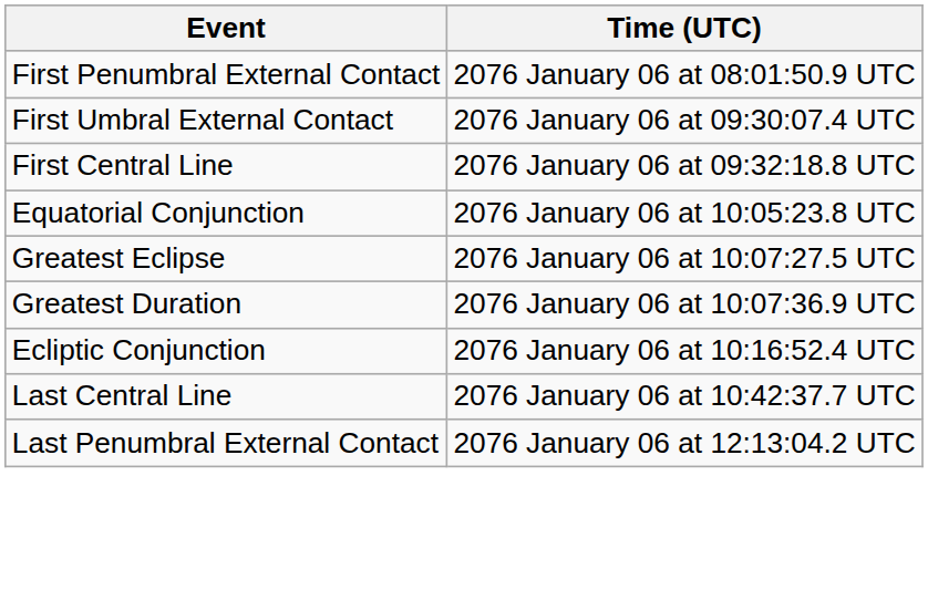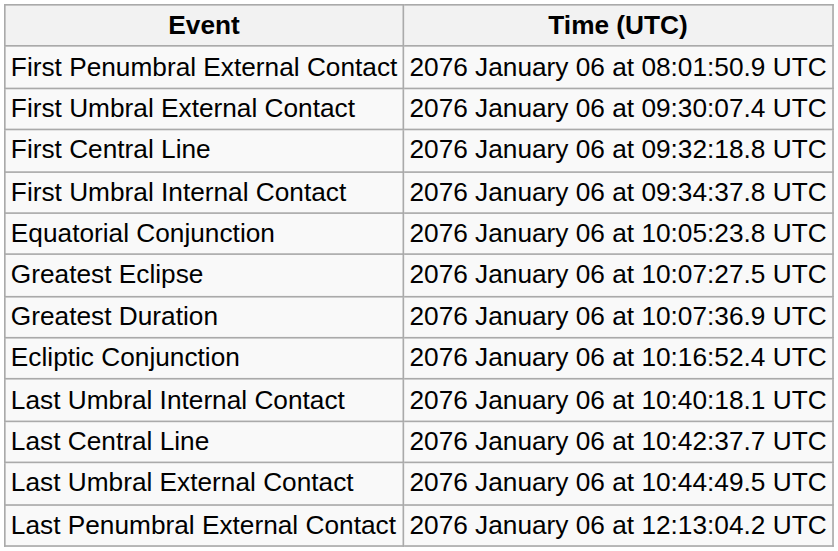 <table class="wikitable">
 <tr>
 <th>Event</th>
 <th>Time (UTC)</th>
 </tr>
 <tr>
 <td>First Penumbral External Contact</td>
 <td>2076 January 06 at 08:01:50.9 UTC</td>
 </tr>
 <tr>
 <td>First Umbral External Contact</td>
 <td>2076 January 06 at 09:30:07.4 UTC</td>
 </tr>
 <tr>
 <td>First Central Line</td>
 <td>2076 January 06 at 09:32:18.8 UTC</td>
 </tr>
 <tr>
+<td>First Umbral Internal Contact</td>
+<td>2076 January 06 at 09:34:37.8 UTC</td>
+</tr>
+<tr>
 <td>Equatorial Conjunction</td>
 <td>2076 January 06 at 10:05:23.8 UTC</td>
 </tr>
 <tr>
 <td>Greatest Eclipse</td>
 <td>2076 January 06 at 10:07:27.5 UTC</td>
 </tr>
 <tr>
 <td>Greatest Duration</td>
 <td>2076 January 06 at 10:07:36.9 UTC</td>
 </tr>
 <tr>
 <td>Ecliptic Conjunction</td>
 <td>2076 January 06 at 10:16:52.4 UTC</td>
 </tr>
 <tr>
+<td>Last Umbral Internal Contact</td>
+<td>2076 January 06 at 10:40:18.1 UTC</td>
+</tr>
+<tr>
 <td>Last Central Line</td>
 <td>2076 January 06 at 10:42:37.7 UTC</td>
+</tr>
+<tr>
+<td>Last Umbral External Contact</td>
+<td>2076 January 06 at 10:44:49.5 UTC</td>
 </tr>
 <tr>
 <td>Last Penumbral External Contact</td>
 <td>2076 January 06 at 12:13:04.2 UTC</td>
 </tr>
 </table>
